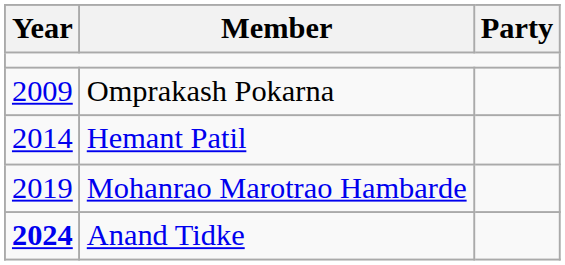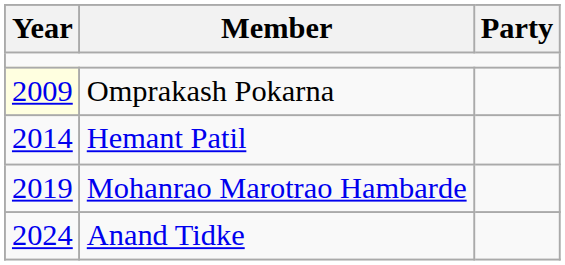 <table class="wikitable">
 <tr>
 <th>Year</th>
 <th>Member</th>
 <th colspan="2">Party</th>
 </tr>
 <tr>
 <td colspan="4"></td>
 </tr>
 <tr>
-<td><a href='#'>2009</a></td>
+<td style="background: lightyellow;"><a href='#'>2009</a></td>
 <td>Omprakash Pokarna</td>
 <td></td>
 </tr>
 <tr>
 <td><a href='#'>2014</a></td>
 <td><a href='#'>Hemant Patil</a></td>
 <td></td>
 </tr>
 <tr>
 <td><a href='#'>2019</a></td>
 <td><a href='#'>Mohanrao Marotrao Hambarde</a></td>
 <td></td>
 </tr>
 <tr>
-<td><strong><a href='#'>2024</a></strong></td>
+<td><a href='#'>2024</a></td>
 <td><a href='#'>Anand Tidke</a></td>
 <td></td>
 </tr>
 </table>
